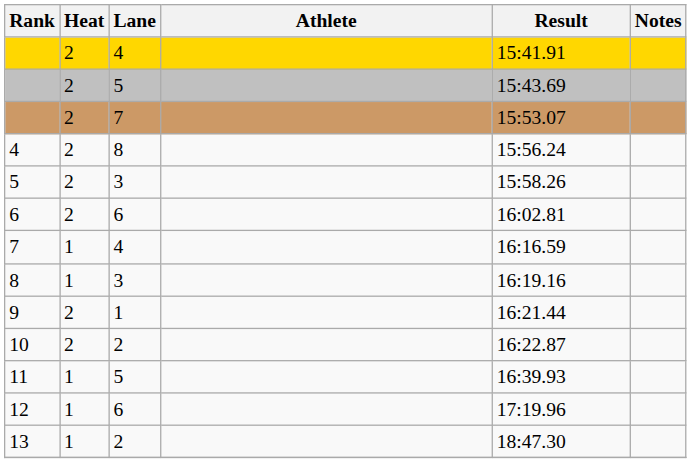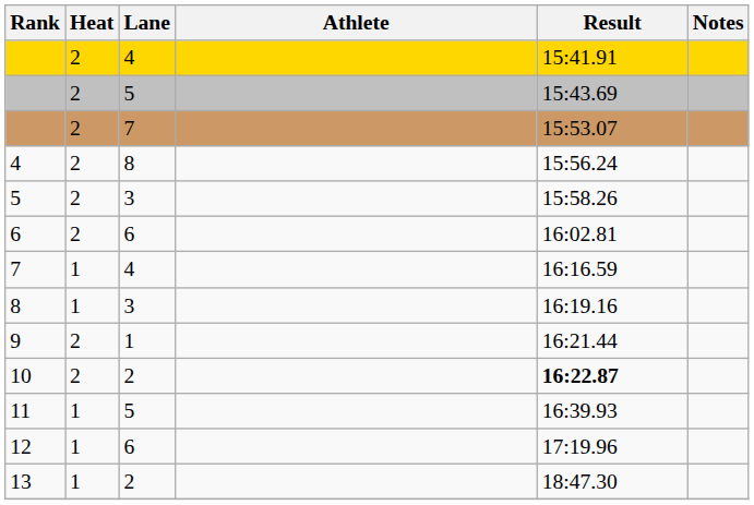 <table class="wikitable" style="font-size:95%" style="width:35em;" style="text-align:center">
 <tr>
 <th>Rank</th>
 <th>Heat</th>
 <th>Lane</th>
 <th width=250>Athlete</th>
 <th width=100>Result</th>
 <th>Notes</th>
 </tr>
 <tr bgcolor=gold>
 <td></td>
 <td>2</td>
 <td>4</td>
 <td align=left></td>
 <td>15:41.91</td>
 <td></td>
 </tr>
 <tr bgcolor=silver>
 <td></td>
 <td>2</td>
 <td>5</td>
 <td align=left></td>
 <td>15:43.69</td>
 <td></td>
 </tr>
 <tr bgcolor=cc9966>
 <td></td>
 <td>2</td>
 <td>7</td>
 <td align=left></td>
 <td>15:53.07</td>
 <td></td>
 </tr>
 <tr>
 <td>4</td>
 <td>2</td>
 <td>8</td>
 <td align=left></td>
 <td>15:56.24</td>
 <td></td>
 </tr>
 <tr>
 <td>5</td>
 <td>2</td>
 <td>3</td>
 <td align=left></td>
 <td>15:58.26</td>
 <td></td>
 </tr>
 <tr>
 <td>6</td>
 <td>2</td>
 <td>6</td>
 <td align=left></td>
 <td>16:02.81</td>
 <td></td>
 </tr>
 <tr>
 <td>7</td>
 <td>1</td>
 <td>4</td>
 <td align=left></td>
 <td>16:16.59</td>
 <td></td>
 </tr>
 <tr>
 <td>8</td>
 <td>1</td>
 <td>3</td>
 <td align=left></td>
 <td>16:19.16</td>
 <td></td>
 </tr>
 <tr>
 <td>9</td>
 <td>2</td>
 <td>1</td>
 <td align=left></td>
 <td>16:21.44</td>
 <td></td>
 </tr>
 <tr>
 <td>10</td>
 <td>2</td>
 <td>2</td>
 <td align=left></td>
-<td>16:22.87</td>
+<td><strong>16:22.87</strong></td>
 <td></td>
 </tr>
 <tr>
 <td>11</td>
 <td>1</td>
 <td>5</td>
 <td align=left></td>
 <td>16:39.93</td>
 <td></td>
 </tr>
 <tr>
 <td>12</td>
 <td>1</td>
 <td>6</td>
 <td align=left></td>
 <td>17:19.96</td>
 <td></td>
 </tr>
 <tr>
 <td>13</td>
 <td>1</td>
 <td>2</td>
 <td align=left></td>
 <td>18:47.30</td>
 <td></td>
 </tr>
 <tr>
 </tr>
 </table>
